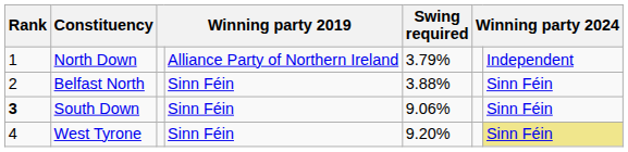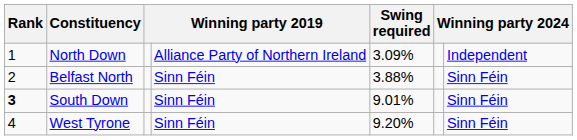 <table class="wikitable sortable">
 <tr>
 <th>Rank</th>
 <th>Constituency</th>
 <th colspan=2>Winning party 2019</th>
 <th>Swing <br>required</th>
 <th colspan=2>Winning party 2024</th>
 </tr>
 <tr>
 <td>1</td>
 <td><a href='#'>North Down</a></td>
 <td class="unsortable" style="background-color: "></td>
 <td><a href='#'>Alliance Party of Northern Ireland</a></td>
-<td>3.79%</td>
+<td>3.09%</td>
 <td class="unsortable" style="background-color: "></td>
 <td><a href='#'>Independent</a></td>
 </tr>
 <tr>
 <td>2</td>
 <td><a href='#'>Belfast North</a></td>
 <td class="unsortable" style="background-color: "></td>
 <td><a href='#'>Sinn Féin</a></td>
 <td>3.88%</td>
 <td class="unsortable" style="background-color: "></td>
 <td><a href='#'>Sinn Féin</a></td>
 </tr>
 <tr>
 <td><strong>3</strong></td>
 <td><a href='#'>South Down</a></td>
 <td class="unsortable" style="background-color: "></td>
 <td><a href='#'>Sinn Féin</a></td>
-<td>9.06%</td>
+<td>9.01%</td>
 <td class="unsortable" style="background-color: "></td>
 <td><a href='#'>Sinn Féin</a></td>
 </tr>
 <tr>
 <td>4</td>
 <td><a href='#'>West Tyrone</a></td>
 <td class="unsortable" style="background-color: "></td>
 <td><a href='#'>Sinn Féin</a></td>
 <td>9.20%</td>
 <td class="unsortable" style="background-color: "></td>
-<td style="background: khaki;"><a href='#'>Sinn Féin</a></td>
+<td><a href='#'>Sinn Féin</a></td>
 </tr>
 </table>
